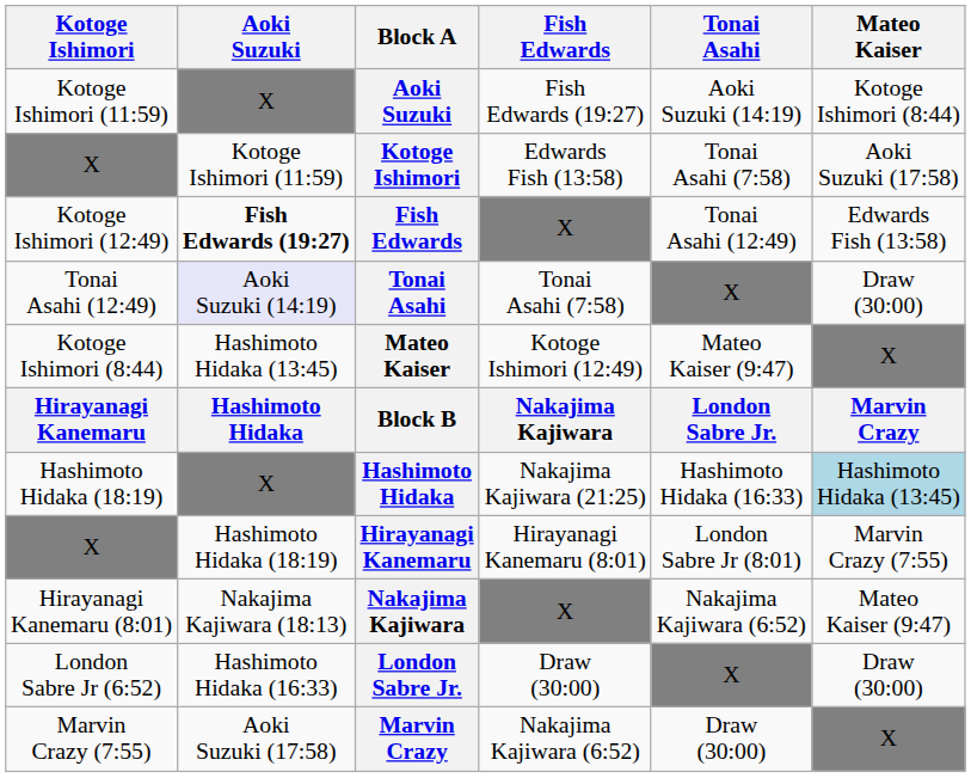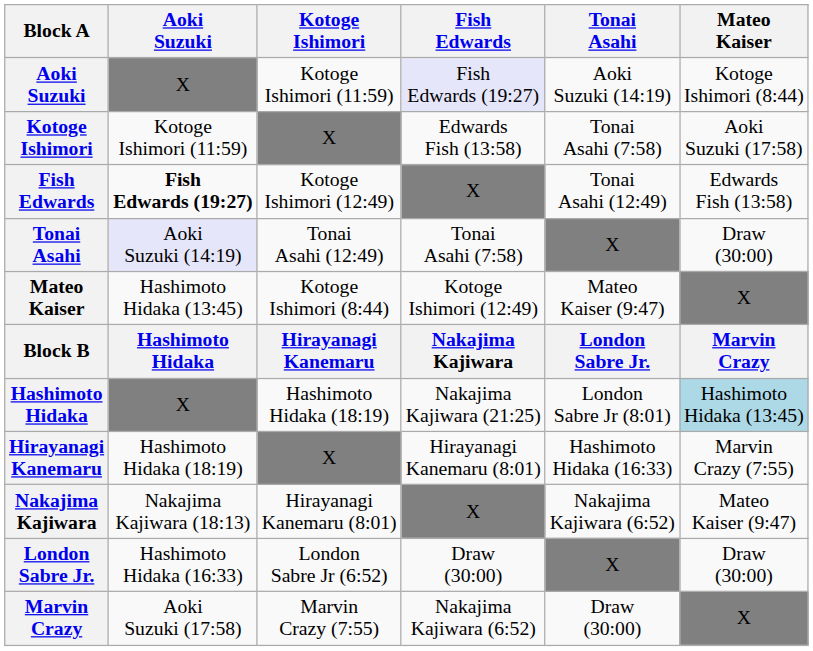 <table class="wikitable" style="margin: 1em auto 1em auto">
 <tr>
+<th>Block A</th>
+<th><a href='#'>Aoki</a><br><a href='#'>Suzuki</a></th>
 <th><a href='#'>Kotoge</a><br><a href='#'>Ishimori</a></th>
-<th><a href='#'>Aoki</a><br><a href='#'>Suzuki</a></th>
-<th>Block A</th>
 <th><a href='#'>Fish</a><br><a href='#'>Edwards</a></th>
 <th><a href='#'>Tonai</a><br><a href='#'>Asahi</a></th>
 <th>Mateo<br>Kaiser</th>
 </tr>
 <tr align="center">
+<th><a href='#'>Aoki</a><br><a href='#'>Suzuki</a></th>
+<td bgcolor=Grey>X</td>
 <td>Kotoge<br>Ishimori (11:59)</td>
-<td bgcolor=Grey>X</td>
-<th><a href='#'>Aoki</a><br><a href='#'>Suzuki</a></th>
-<td>Fish<br>Edwards (19:27)</td>
+<td style="background: lavender;">Fish<br>Edwards (19:27)</td>
 <td>Aoki<br>Suzuki (14:19)</td>
 <td>Kotoge<br>Ishimori (8:44)</td>
 </tr>
 <tr align="center">
+<th><a href='#'>Kotoge</a><br><a href='#'>Ishimori</a></th>
+<td>Kotoge<br>Ishimori (11:59)</td>
 <td bgcolor=Grey>X</td>
-<td>Kotoge<br>Ishimori (11:59)</td>
-<th><a href='#'>Kotoge</a><br><a href='#'>Ishimori</a></th>
 <td>Edwards<br>Fish (13:58)</td>
 <td>Tonai<br>Asahi (7:58)</td>
 <td>Aoki<br>Suzuki (17:58)</td>
 </tr>
 <tr align="center">
+<th><a href='#'>Fish</a><br><a href='#'>Edwards</a></th>
+<td><strong>Fish<br>Edwards (19:27)</strong></td>
 <td>Kotoge<br>Ishimori (12:49)</td>
-<td><strong>Fish<br>Edwards (19:27)</strong></td>
-<th><a href='#'>Fish</a><br><a href='#'>Edwards</a></th>
 <td bgcolor=Grey>X</td>
 <td>Tonai<br>Asahi (12:49)</td>
 <td>Edwards<br>Fish (13:58)</td>
 </tr>
 <tr align="center">
+<th><a href='#'>Tonai</a><br><a href='#'>Asahi</a></th>
+<td style="background: lavender;">Aoki<br>Suzuki (14:19)</td>
 <td>Tonai<br>Asahi (12:49)</td>
-<td style="background: lavender;">Aoki<br>Suzuki (14:19)</td>
-<th><a href='#'>Tonai</a><br><a href='#'>Asahi</a></th>
 <td>Tonai<br>Asahi (7:58)</td>
 <td bgcolor=Grey>X</td>
 <td>Draw<br> (30:00)</td>
 </tr>
 <tr align="center">
+<th>Mateo<br>Kaiser</th>
+<td>Hashimoto<br>Hidaka (13:45)</td>
 <td>Kotoge<br>Ishimori (8:44)</td>
-<td>Hashimoto<br>Hidaka (13:45)</td>
-<th>Mateo<br>Kaiser</th>
 <td>Kotoge<br>Ishimori (12:49)</td>
 <td>Mateo<br>Kaiser (9:47)</td>
 <td bgcolor=grey>X</td>
 </tr>
 <tr align="center">
+<th>Block B</th>
+<th><a href='#'>Hashimoto</a><br><a href='#'>Hidaka</a></th>
 <th><a href='#'>Hirayanagi</a><br><a href='#'>Kanemaru</a></th>
-<th><a href='#'>Hashimoto</a><br><a href='#'>Hidaka</a></th>
-<th>Block B</th>
 <th><a href='#'>Nakajima</a><br>Kajiwara</th>
 <th><a href='#'>London</a><br><a href='#'>Sabre Jr.</a></th>
 <th><a href='#'>Marvin</a><br><a href='#'>Crazy</a></th>
 </tr>
 <tr align="center">
+<th><a href='#'>Hashimoto</a><br><a href='#'>Hidaka</a></th>
+<td bgcolor=Grey>X</td>
 <td>Hashimoto<br>Hidaka (18:19)</td>
-<td bgcolor=Grey>X</td>
-<th><a href='#'>Hashimoto</a><br><a href='#'>Hidaka</a></th>
 <td>Nakajima<br>Kajiwara (21:25)</td>
-<td>Hashimoto<br>Hidaka (16:33)</td>
+<td>London<br>Sabre Jr (8:01)</td>
 <td style="background: lightblue;">Hashimoto<br>Hidaka (13:45)</td>
 </tr>
 <tr align="center">
+<th><a href='#'>Hirayanagi</a><br><a href='#'>Kanemaru</a></th>
+<td>Hashimoto<br>Hidaka (18:19)</td>
 <td bgcolor=Grey>X</td>
-<td>Hashimoto<br>Hidaka (18:19)</td>
-<th><a href='#'>Hirayanagi</a><br><a href='#'>Kanemaru</a></th>
 <td>Hirayanagi<br>Kanemaru (8:01)</td>
-<td>London<br>Sabre Jr (8:01)</td>
+<td>Hashimoto<br>Hidaka (16:33)</td>
 <td>Marvin<br>Crazy (7:55)</td>
 </tr>
 <tr align="center">
+<th><a href='#'>Nakajima</a><br>Kajiwara</th>
+<td>Nakajima<br>Kajiwara (18:13)</td>
 <td>Hirayanagi<br>Kanemaru (8:01)</td>
-<td>Nakajima<br>Kajiwara (18:13)</td>
-<th><a href='#'>Nakajima</a><br>Kajiwara</th>
 <td bgcolor=Grey>X</td>
 <td>Nakajima<br>Kajiwara (6:52)</td>
 <td>Mateo<br>Kaiser (9:47)</td>
 </tr>
 <tr align="center">
+<th><a href='#'>London</a><br><a href='#'>Sabre Jr.</a></th>
+<td>Hashimoto<br>Hidaka (16:33)</td>
 <td>London<br>Sabre Jr (6:52)</td>
-<td>Hashimoto<br>Hidaka (16:33)</td>
-<th><a href='#'>London</a><br><a href='#'>Sabre Jr.</a></th>
 <td>Draw<br> (30:00)</td>
 <td bgcolor=Grey>X</td>
 <td>Draw<br> (30:00)</td>
 </tr>
 <tr align="center">
+<th><a href='#'>Marvin</a><br><a href='#'>Crazy</a></th>
+<td>Aoki<br>Suzuki (17:58)</td>
 <td>Marvin<br>Crazy (7:55)</td>
-<td>Aoki<br>Suzuki (17:58)</td>
-<th><a href='#'>Marvin</a><br><a href='#'>Crazy</a></th>
 <td>Nakajima<br>Kajiwara (6:52)</td>
 <td>Draw<br> (30:00)</td>
 <td bgcolor=Grey>X</td>
 </tr>
 </table>
